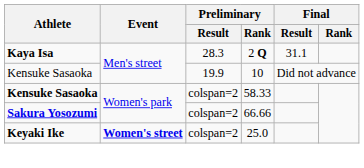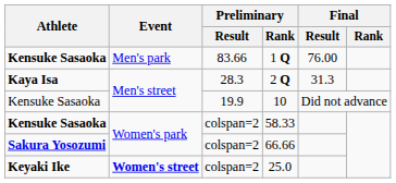 <table class=wikitable style=font-size:90%;text-align:center>
 <tr>
 <th rowspan=2>Athlete</th>
 <th rowspan=2>Event</th>
 <th colspan=2>Preliminary</th>
 <th colspan=2>Final</th>
 </tr>
 <tr style="font-size:95%">
 <th>Result</th>
 <th>Rank</th>
 <th>Result</th>
 <th>Rank</th>
 </tr>
 <tr>
+<td style="text-align:left"><strong>Kensuke Sasaoka</strong></td>
+<td style="text-align:left"><a href='#'>Men's park</a></td>
+<td>83.66</td>
+<td>1 <strong>Q</strong></td>
+<td>76.00</td>
+<td></td>
+</tr>
+<tr>
 <td style="text-align:left"><strong>Kaya Isa</strong></td>
 <td style="text-align:left" rowspan=2><a href='#'>Men's street</a></td>
 <td>28.3</td>
 <td>2 <strong>Q</strong></td>
-<td>31.1</td>
+<td>31.3</td>
 <td></td>
 </tr>
 <tr>
 <td style="text-align:left">Kensuke Sasaoka</td>
 <td>19.9</td>
 <td>10</td>
 <td colspan=2>Did not advance</td>
 </tr>
 <tr>
 <td style="text-align:left"><strong>Kensuke Sasaoka</strong></td>
 <td style="text-align:left" rowspan=2><a href='#'>Women's park</a></td>
 <td>colspan=2 </td>
 <td>58.33</td>
 <td></td>
 </tr>
 <tr>
 <td style="text-align:left"><strong><a href='#'>Sakura Yosozumi</a></strong></td>
 <td>colspan=2 </td>
 <td>66.66</td>
 <td></td>
 </tr>
 <tr>
 <td style="text-align:left"><strong>Keyaki Ike</strong></td>
 <td style="text-align:left"><strong><a href='#'>Women's street</a></strong></td>
 <td>colspan=2 </td>
 <td>25.0</td>
 <td></td>
 </tr>
 </table>
